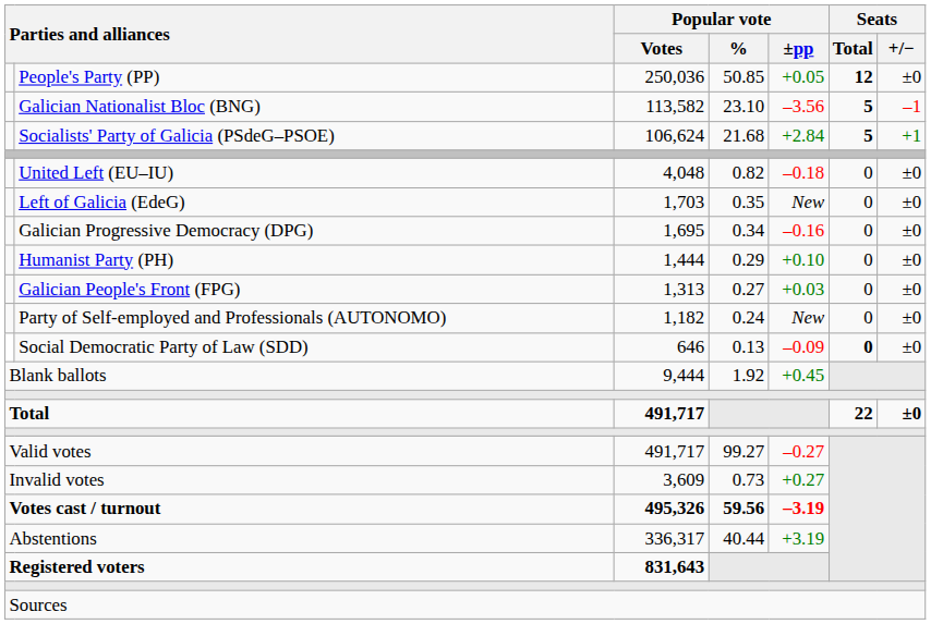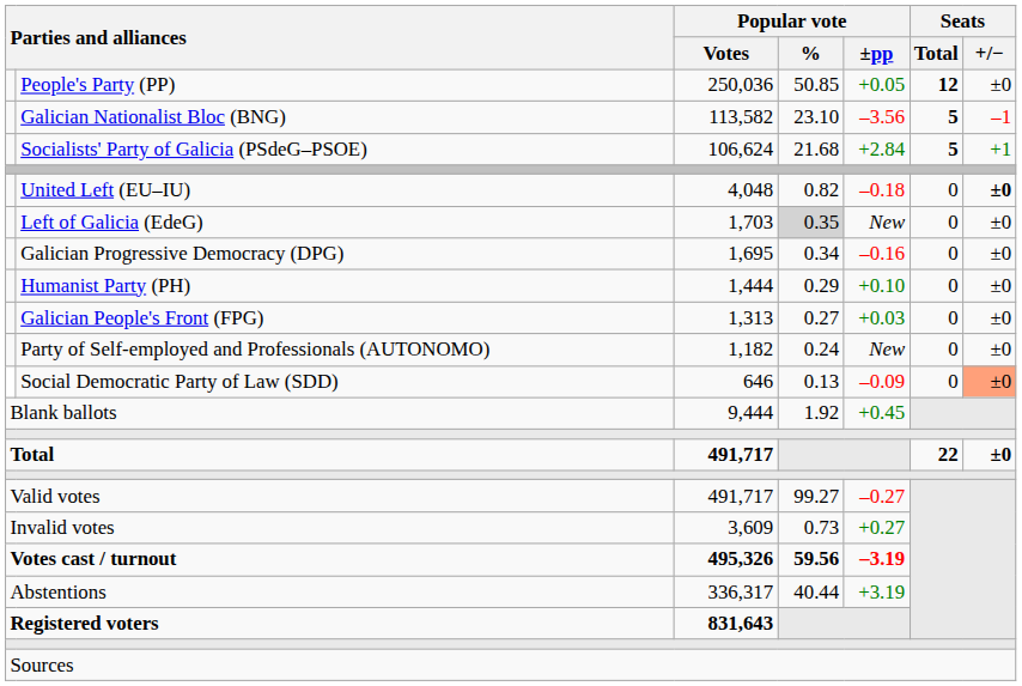 <table class="wikitable" style="text-align:right;">
 <tr>
 <th style="text-align:left;" rowspan="2" colspan="2" width="525">Parties and alliances</th>
 <th colspan="3">Popular vote</th>
 <th colspan="2">Seats</th>
 </tr>
 <tr>
 <th width="75">Votes</th>
 <th width="45">%</th>
 <th width="45">±<a href='#'>pp</a></th>
 <th width="35">Total</th>
 <th width="35">+/−</th>
 </tr>
 <tr>
 <td width="1" style="color:inherit;background:"></td>
 <td align="left"><a href='#'>People's Party</a> (PP)</td>
 <td>250,036</td>
 <td>50.85</td>
 <td style="color:green;">+0.05</td>
 <td><strong>12</strong></td>
 <td>±0</td>
 </tr>
 <tr>
 <td style="color:inherit;background:"></td>
 <td align="left"><a href='#'>Galician Nationalist Bloc</a> (BNG)</td>
 <td>113,582</td>
 <td>23.10</td>
 <td style="color:red;">–3.56</td>
 <td><strong>5</strong></td>
 <td style="color:red;">–1</td>
 </tr>
 <tr>
 <td style="color:inherit;background:"></td>
 <td align="left"><a href='#'>Socialists' Party of Galicia</a> (PSdeG–PSOE)</td>
 <td>106,624</td>
 <td>21.68</td>
 <td style="color:green;">+2.84</td>
 <td><strong>5</strong></td>
 <td style="color:green;">+1</td>
 </tr>
 <tr>
 <td colspan="7" bgcolor="#C0C0C0"></td>
 </tr>
 <tr>
 <td style="color:inherit;background:"></td>
 <td align="left"><a href='#'>United Left</a> (EU–IU)</td>
 <td>4,048</td>
 <td>0.82</td>
 <td style="color:red;">–0.18</td>
 <td>0</td>
-<td>±0</td>
+<td><strong>±0</strong></td>
 </tr>
 <tr>
 <td style="color:inherit;background:"></td>
 <td align="left"><a href='#'>Left of Galicia</a> (EdeG)</td>
 <td>1,703</td>
-<td>0.35</td>
+<td style="background: lightgrey;">0.35</td>
 <td><em>New</em></td>
 <td>0</td>
 <td>±0</td>
 </tr>
 <tr>
 <td style="color:inherit;background:"></td>
 <td align="left">Galician Progressive Democracy (DPG)</td>
 <td>1,695</td>
 <td>0.34</td>
 <td style="color:red;">–0.16</td>
 <td>0</td>
 <td>±0</td>
 </tr>
 <tr>
 <td style="color:inherit;background:"></td>
 <td align="left"><a href='#'>Humanist Party</a> (PH)</td>
 <td>1,444</td>
 <td>0.29</td>
 <td style="color:green;">+0.10</td>
 <td>0</td>
 <td>±0</td>
 </tr>
 <tr>
 <td style="color:inherit;background:"></td>
 <td align="left"><a href='#'>Galician People's Front</a> (FPG)</td>
 <td>1,313</td>
 <td>0.27</td>
 <td style="color:green;">+0.03</td>
 <td>0</td>
 <td>±0</td>
 </tr>
 <tr>
 <td style="color:inherit;background:"></td>
 <td align="left">Party of Self-employed and Professionals (AUTONOMO)</td>
 <td>1,182</td>
 <td>0.24</td>
 <td><em>New</em></td>
 <td>0</td>
 <td>±0</td>
 </tr>
 <tr>
 <td bgcolor="white"></td>
 <td align="left">Social Democratic Party of Law (SDD)</td>
 <td>646</td>
 <td>0.13</td>
 <td style="color:red;">–0.09</td>
-<td><strong>0</strong></td>
-<td>±0</td>
+<td>0</td>
+<td style="background: lightsalmon;">±0</td>
 </tr>
 <tr>
 <td align="left" colspan="2">Blank ballots</td>
 <td>9,444</td>
 <td>1.92</td>
 <td style="color:green;">+0.45</td>
 <td bgcolor="#E9E9E9" colspan="2"></td>
 </tr>
 <tr>
 <td colspan="7" bgcolor="#E9E9E9"></td>
 </tr>
 <tr style="font-weight:bold;">
 <td align="left" colspan="2">Total</td>
 <td>491,717</td>
 <td bgcolor="#E9E9E9" colspan="2"></td>
 <td>22</td>
 <td>±0</td>
 </tr>
 <tr>
 <td colspan="7" bgcolor="#E9E9E9"></td>
 </tr>
 <tr>
 <td align="left" colspan="2">Valid votes</td>
 <td>491,717</td>
 <td>99.27</td>
 <td style="color:red;">–0.27</td>
 <td bgcolor="#E9E9E9" colspan="7" rowspan="5"></td>
 </tr>
 <tr>
 <td align="left" colspan="2">Invalid votes</td>
 <td>3,609</td>
 <td>0.73</td>
 <td style="color:green;">+0.27</td>
 </tr>
 <tr style="font-weight:bold;">
 <td align="left" colspan="2">Votes cast / turnout</td>
 <td>495,326</td>
 <td>59.56</td>
 <td style="color:red;">–3.19</td>
 </tr>
 <tr>
 <td align="left" colspan="2">Abstentions</td>
 <td>336,317</td>
 <td>40.44</td>
 <td style="color:green;">+3.19</td>
 </tr>
 <tr style="font-weight:bold;">
 <td align="left" colspan="2">Registered voters</td>
 <td>831,643</td>
 <td bgcolor="#E9E9E9" colspan="2"></td>
 </tr>
 <tr>
 <td colspan="7" bgcolor="#E9E9E9"></td>
 </tr>
 <tr>
 <td align="left" colspan="7">Sources</td>
 </tr>
 </table>
